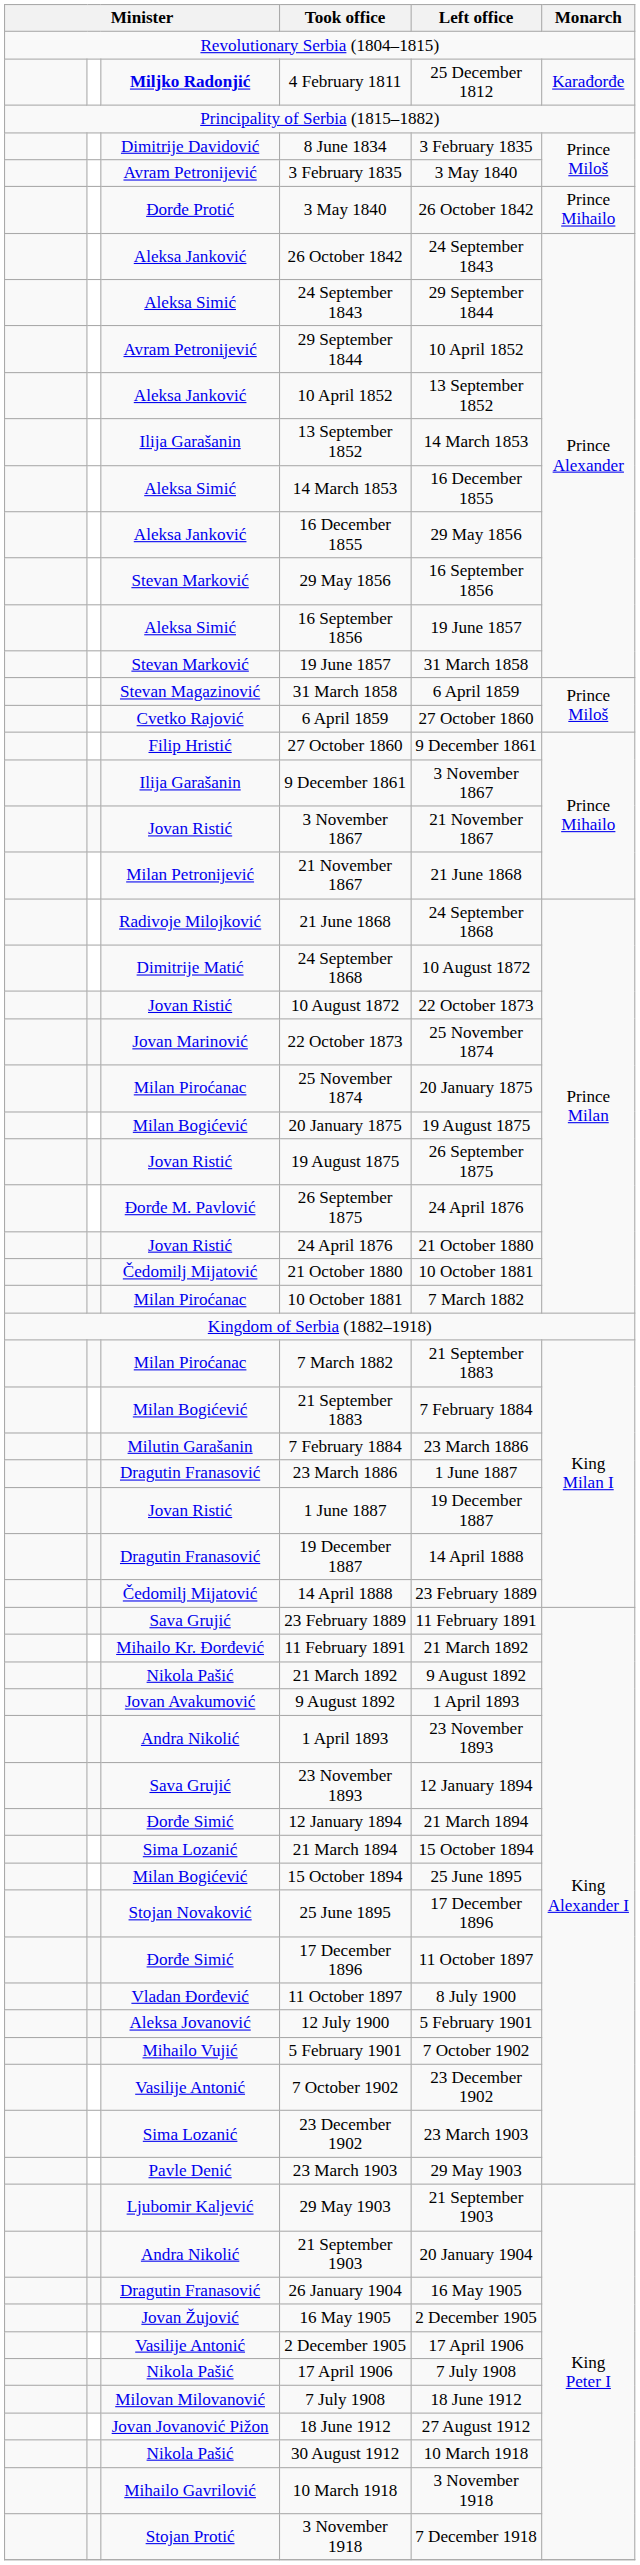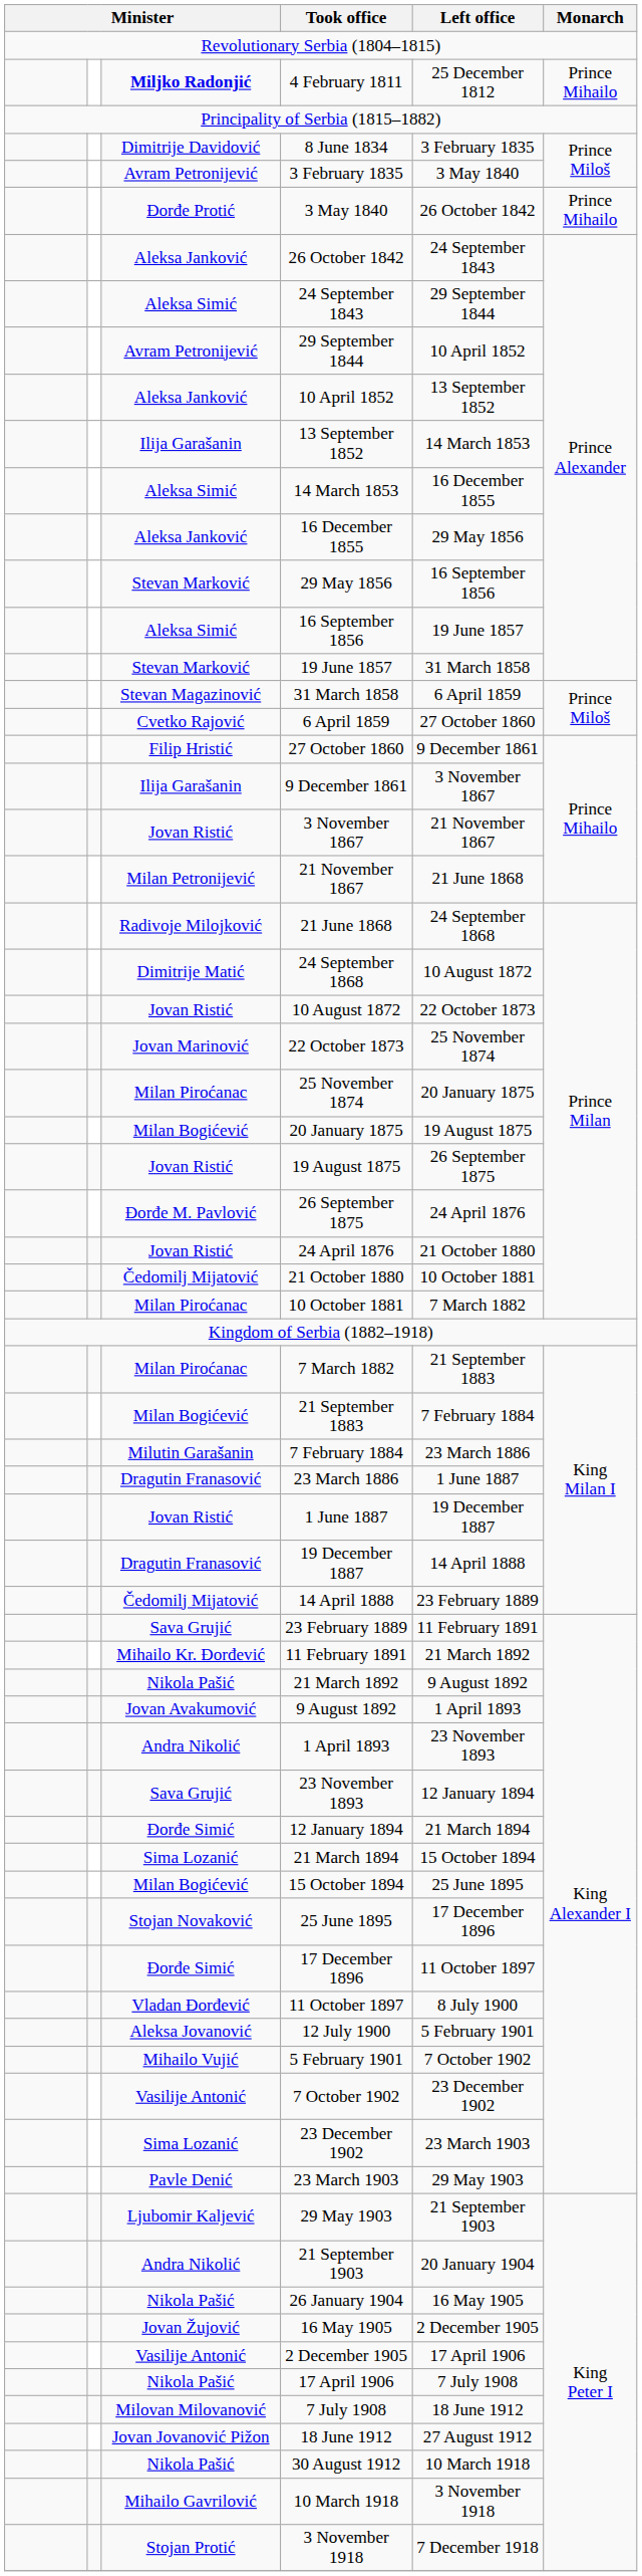 <table class="wikitable" style="text-align:center;">
 <tr>
 <th colspan=3 width="240px">Minister<br></th>
 <th width="115px">Took office</th>
 <th width="115px">Left office</th>
 <th width="80px">Monarch</th>
 </tr>
 <tr>
 <td colspan="9"><a href='#'>Revolutionary Serbia</a> (1804–1815)</td>
 </tr>
 <tr>
 <td width="70px"></td>
 <td width="5px" style="background: #FFFFFF;"> </td>
 <td width="160px"><strong><a href='#'>Miljko Radonjić</a><br></strong></td>
 <td>4 February 1811</td>
 <td>25 December 1812</td>
-<td><a href='#'>Karađorđe</a></td>
+<td>Prince<br><a href='#'>Mihailo</a></td>
 </tr>
 <tr>
 <td colspan="9"><a href='#'>Principality of Serbia</a> (1815–1882)</td>
 </tr>
 <tr>
 <td width="70px"></td>
 <td width="5px" style="background: #FFFFFF;"> </td>
 <td width="160px"><a href='#'>Dimitrije Davidović</a><br></td>
 <td>8 June 1834</td>
 <td>3 February 1835</td>
 <td rowspan="2">Prince<br><a href='#'>Miloš</a></td>
 </tr>
 <tr>
 <td width="70px"></td>
 <td width="5px" style="background: #FFFFFF;"> </td>
 <td width="160px"><a href='#'>Avram Petronijević</a><br></td>
 <td>3 February 1835</td>
 <td>3 May 1840</td>
 </tr>
 <tr>
 <td width="70px"></td>
 <td width="5px" style="background: #FFFFFF;"> </td>
 <td width="160px"><a href='#'>Đorđe Protić</a><br></td>
 <td>3 May 1840</td>
 <td>26 October 1842</td>
 <td>Prince<br><a href='#'>Mihailo</a></td>
 </tr>
 <tr>
 <td width="70px"></td>
 <td width="5px" style="background: #FFFFFF;"> </td>
 <td width="160px"><a href='#'>Aleksa Janković</a><br></td>
 <td>26 October 1842</td>
 <td>24 September 1843</td>
 <td rowspan="10">Prince<br><a href='#'>Alexander</a></td>
 </tr>
 <tr>
 <td width="70px"></td>
 <td width="5px" style="background: #FFFFFF;"> </td>
 <td width="160px"><a href='#'>Aleksa Simić</a><br></td>
 <td>24 September 1843</td>
 <td>29 September 1844</td>
 </tr>
 <tr>
 <td width="70px"></td>
 <td width="5px" style="background: #FFFFFF;"> </td>
 <td width="160px"><a href='#'>Avram Petronijević</a><br></td>
 <td>29 September 1844</td>
 <td>10 April 1852</td>
 </tr>
 <tr>
 <td width="70px"></td>
 <td width="5px" style="background: #FFFFFF;"> </td>
 <td width="160px"><a href='#'>Aleksa Janković</a><br></td>
 <td>10 April 1852</td>
 <td>13 September 1852</td>
 </tr>
 <tr>
 <td width="70px"></td>
 <td width="5px" style="background: #FFFFFF;"> </td>
 <td width="160px"><a href='#'>Ilija Garašanin</a><br></td>
 <td>13 September 1852</td>
 <td>14 March 1853</td>
 </tr>
 <tr>
 <td width="70px"></td>
 <td width="5px" style="background: #FFFFFF;"> </td>
 <td width="160px"><a href='#'>Aleksa Simić</a><br></td>
 <td>14 March 1853</td>
 <td>16 December 1855</td>
 </tr>
 <tr>
 <td width="70px"></td>
 <td width="5px" style="background: #FFFFFF;"> </td>
 <td width="160px"><a href='#'>Aleksa Janković</a><br></td>
 <td>16 December 1855</td>
 <td>29 May 1856</td>
 </tr>
 <tr>
 <td width="70px"></td>
 <td width="5px" style="background: #FFFFFF;"> </td>
 <td width="160px"><a href='#'>Stevan Marković</a><br></td>
 <td>29 May 1856</td>
 <td>16 September 1856</td>
 </tr>
 <tr>
 <td width="70px"></td>
 <td width="5px" style="background: #FFFFFF;"> </td>
 <td width="160px"><a href='#'>Aleksa Simić</a><br></td>
 <td>16 September 1856</td>
 <td>19 June 1857</td>
 </tr>
 <tr>
 <td width="70px"></td>
 <td width="5px" style="background: #FFFFFF;"> </td>
 <td width="160px"><a href='#'>Stevan Marković</a><br></td>
 <td>19 June 1857</td>
 <td>31 March 1858</td>
 </tr>
 <tr>
 <td width="70px"></td>
 <td width="5px" style="background: #FFFFFF;"> </td>
 <td width="160px"><a href='#'>Stevan Magazinović</a><br></td>
 <td>31 March 1858</td>
 <td>6 April 1859</td>
 <td rowspan="2">Prince<br><a href='#'>Miloš</a></td>
 </tr>
 <tr>
 <td width="70px"></td>
 <td width="5px" style="background: #FFFFFF;"> </td>
 <td width="160px"><a href='#'>Cvetko Rajović</a><br></td>
 <td>6 April 1859</td>
 <td>27 October 1860</td>
 </tr>
 <tr>
 <td width="70px"></td>
 <td width="5px" style="background: #FFFFFF;"> </td>
 <td width="160px"><a href='#'>Filip Hristić</a><br></td>
 <td>27 October 1860</td>
 <td>9 December 1861</td>
 <td rowspan="4">Prince<br><a href='#'>Mihailo</a></td>
 </tr>
 <tr>
 <td width="70px"></td>
 <td width="5px" style="background: "> </td>
 <td width="160px"><a href='#'>Ilija Garašanin</a><br></td>
 <td>9 December 1861</td>
 <td>3 November 1867</td>
 </tr>
 <tr>
 <td width="70px"></td>
 <td width="5px" style="background: "> </td>
 <td width="160px"><a href='#'>Jovan Ristić</a><br></td>
 <td>3 November 1867</td>
 <td>21 November 1867</td>
 </tr>
 <tr>
 <td width="70px"></td>
 <td width="5px" style="background: #FFFFFF;"> </td>
 <td width="160px"><a href='#'>Milan Petronijević</a><br></td>
 <td>21 November 1867</td>
 <td>21 June 1868</td>
 </tr>
 <tr>
 <td width="70px"></td>
 <td width="5px" style="background: #FFFFFF;"> </td>
 <td width="160px"><a href='#'>Radivoje Milojković</a><br></td>
 <td>21 June 1868</td>
 <td>24 September 1868</td>
 <td rowspan="11">Prince<br><a href='#'>Milan</a></td>
 </tr>
 <tr>
 <td width="70px"></td>
 <td width="5px" style="background: #FFFFFF;"> </td>
 <td width="160px"><a href='#'>Dimitrije Matić</a><br></td>
 <td>24 September 1868</td>
 <td>10 August 1872</td>
 </tr>
 <tr>
 <td width="70px"></td>
 <td width="5px" style="background: "> </td>
 <td width="160px"><a href='#'>Jovan Ristić</a><br></td>
 <td>10 August 1872</td>
 <td>22 October 1873</td>
 </tr>
 <tr>
 <td width="70px"></td>
 <td width="5px" style="background: "> </td>
 <td width="160px"><a href='#'>Jovan Marinović</a><br></td>
 <td>22 October 1873</td>
 <td>25 November 1874</td>
 </tr>
 <tr>
 <td width="70px"></td>
 <td width="5px" style="background: "> </td>
 <td width="160px"><a href='#'>Milan Piroćanac</a><br></td>
 <td>25 November 1874</td>
 <td>20 January 1875</td>
 </tr>
 <tr>
 <td width="70px"></td>
 <td width="5px" style="background: #FFFFFF;"> </td>
 <td width="160px"><a href='#'>Milan Bogićević</a><br></td>
 <td>20 January 1875</td>
 <td>19 August 1875</td>
 </tr>
 <tr>
 <td width="70px"></td>
 <td width="5px" style="background: "> </td>
 <td width="160px"><a href='#'>Jovan Ristić</a><br></td>
 <td>19 August 1875</td>
 <td>26 September 1875</td>
 </tr>
 <tr>
 <td width="70px"></td>
 <td width="5px" style="background: #FFFFFF;"> </td>
 <td width="160px"><a href='#'>Đorđe M. Pavlović</a><br></td>
 <td>26 September 1875</td>
 <td>24 April 1876</td>
 </tr>
 <tr>
 <td width="70px"></td>
 <td width="5px" style="background: "> </td>
 <td width="160px"><a href='#'>Jovan Ristić</a><br></td>
 <td>24 April 1876</td>
 <td>21 October 1880</td>
 </tr>
 <tr>
 <td width="70px"></td>
 <td width="5px" style="background: "> </td>
 <td width="160px"><a href='#'>Čedomilj Mijatović</a><br></td>
 <td>21 October 1880</td>
 <td>10 October 1881</td>
 </tr>
 <tr>
 <td width="70px"></td>
 <td width="5px" style="background: "> </td>
 <td width="160px"><a href='#'>Milan Piroćanac</a><br></td>
 <td>10 October 1881</td>
 <td>7 March 1882</td>
 </tr>
 <tr>
 <td colspan="9"><a href='#'>Kingdom of Serbia</a> (1882–1918)</td>
 </tr>
 <tr>
 <td width="70px"></td>
 <td width="5px" style="background: "> </td>
 <td width="160px"><a href='#'>Milan Piroćanac</a><br></td>
 <td>7 March 1882</td>
 <td>21 September 1883</td>
 <td rowspan="7">King<br><a href='#'>Milan I</a></td>
 </tr>
 <tr>
 <td width="70px"></td>
 <td width="5px" style="background: #FFFFFF;"> </td>
 <td width="160px"><a href='#'>Milan Bogićević</a><br></td>
 <td>21 September 1883</td>
 <td>7 February 1884</td>
 </tr>
 <tr>
 <td width="70px"></td>
 <td width="5px" style="background: "> </td>
 <td width="160px"><a href='#'>Milutin Garašanin</a><br></td>
 <td>7 February 1884</td>
 <td>23 March 1886</td>
 </tr>
 <tr>
 <td width="70px"></td>
 <td width="5px" style="background: "> </td>
 <td width="160px"><a href='#'>Dragutin Franasović</a><br></td>
 <td>23 March 1886</td>
 <td>1 June 1887</td>
 </tr>
 <tr>
 <td width="70px"></td>
 <td width="5px" style="background: "> </td>
 <td width="160px"><a href='#'>Jovan Ristić</a><br></td>
 <td>1 June 1887</td>
 <td>19 December 1887</td>
 </tr>
 <tr>
 <td width="70px"></td>
 <td width="5px" style="background: "> </td>
 <td width="160px"><a href='#'>Dragutin Franasović</a><br></td>
 <td>19 December 1887</td>
 <td>14 April 1888</td>
 </tr>
 <tr>
 <td width="70px"></td>
 <td width="5px" style="background: "> </td>
 <td width="160px"><a href='#'>Čedomilj Mijatović</a><br></td>
 <td>14 April 1888</td>
 <td>23 February 1889</td>
 </tr>
 <tr>
 <td width="70px"></td>
 <td width="5px" style="background: "> </td>
 <td width="160px"><a href='#'>Sava Grujić</a><br></td>
 <td>23 February 1889</td>
 <td>11 February 1891</td>
 <td rowspan="17">King<br><a href='#'>Alexander I</a></td>
 </tr>
 <tr>
 <td width="70px"></td>
 <td width="5px" style="background: #FFFFFF;"> </td>
 <td width="160px"><a href='#'>Mihailo Kr. Đorđević</a><br></td>
 <td>11 February 1891</td>
 <td>21 March 1892</td>
 </tr>
 <tr>
 <td width="70px"></td>
 <td width="5px" style="background: "> </td>
 <td width="160px"><a href='#'>Nikola Pašić</a><br></td>
 <td>21 March 1892</td>
 <td>9 August 1892</td>
 </tr>
 <tr>
 <td width="70px"></td>
 <td width="5px" style="background: "> </td>
 <td width="160px"><a href='#'>Jovan Avakumović</a><br></td>
 <td>9 August 1892</td>
 <td>1 April 1893</td>
 </tr>
 <tr>
 <td width="70px"></td>
 <td width="5px" style="background: "> </td>
 <td width="160px"><a href='#'>Andra Nikolić</a><br></td>
 <td>1 April 1893</td>
 <td>23 November 1893</td>
 </tr>
 <tr>
 <td width="70px"></td>
 <td width="5px" style="background: "> </td>
 <td width="160px"><a href='#'>Sava Grujić</a><br></td>
 <td>23 November 1893</td>
 <td>12 January 1894</td>
 </tr>
 <tr>
 <td width="70px"></td>
 <td width="5px" style="background: "> </td>
 <td width="160px"><a href='#'>Đorđe Simić</a><br></td>
 <td>12 January 1894</td>
 <td>21 March 1894</td>
 </tr>
 <tr>
 <td width="70px"></td>
 <td width="5px" style="background: #FFFFFF;"> </td>
 <td width="160px"><a href='#'>Sima Lozanić</a><br></td>
 <td>21 March 1894</td>
 <td>15 October 1894</td>
 </tr>
 <tr>
 <td width="70px"></td>
 <td width="5px" style="background: #FFFFFF;"> </td>
 <td width="160px"><a href='#'>Milan Bogićević</a><br></td>
 <td>15 October 1894</td>
 <td>25 June 1895</td>
 </tr>
 <tr>
 <td width="70px"></td>
 <td width="5px" style="background: "> </td>
 <td width="160px"><a href='#'>Stojan Novaković</a><br></td>
 <td>25 June 1895</td>
 <td>17 December 1896</td>
 </tr>
 <tr>
 <td width="70px"></td>
 <td width="5px" style="background: "> </td>
 <td width="160px"><a href='#'>Đorđe Simić</a><br></td>
 <td>17 December 1896</td>
 <td>11 October 1897</td>
 </tr>
 <tr>
 <td width="70px"></td>
 <td width="5px" style="background: "> </td>
 <td width="160px"><a href='#'>Vladan Đorđević</a><br></td>
 <td>11 October 1897</td>
 <td>8 July 1900</td>
 </tr>
 <tr>
 <td width="70px"></td>
 <td width="5px" style="background: "> </td>
 <td width="160px"><a href='#'>Aleksa Jovanović</a><br></td>
 <td>12 July 1900</td>
 <td>5 February 1901</td>
 </tr>
 <tr>
 <td width="70px"></td>
 <td width="5px" style="background: "> </td>
 <td width="160px"><a href='#'>Mihailo Vujić</a><br></td>
 <td>5 February 1901</td>
 <td>7 October 1902</td>
 </tr>
 <tr>
 <td width="70px"></td>
 <td width="5px" style="background: #FFFFFF;"> </td>
 <td width="160px"><a href='#'>Vasilije Antonić</a><br></td>
 <td>7 October 1902</td>
 <td>23 December 1902</td>
 </tr>
 <tr>
 <td width="70px"></td>
 <td width="5px" style="background: #FFFFFF;"> </td>
 <td width="160px"><a href='#'>Sima Lozanić</a><br></td>
 <td>23 December 1902</td>
 <td>23 March 1903</td>
 </tr>
 <tr>
 <td width="70px"></td>
 <td width="5px" style="background: #FFFFFF;"> </td>
 <td width="160px"><a href='#'>Pavle Denić</a><br></td>
 <td>23 March 1903</td>
 <td>29 May 1903</td>
 </tr>
 <tr>
 <td width="70px"></td>
 <td width="5px" style="background: "> </td>
 <td width="160px"><a href='#'>Ljubomir Kaljević</a><br></td>
 <td>29 May 1903</td>
 <td>21 September 1903</td>
 <td rowspan="11">King<br><a href='#'>Peter I</a></td>
 </tr>
 <tr>
 <td width="70px"></td>
 <td width="5px" style="background: "> </td>
 <td width="160px"><a href='#'>Andra Nikolić</a><br></td>
 <td>21 September 1903</td>
 <td>20 January 1904</td>
 </tr>
 <tr>
 <td width="70px"></td>
 <td width="5px" style="background: "> </td>
-<td width="160px"><a href='#'>Dragutin Franasović</a><br></td>
+<td width="160px"><a href='#'>Nikola Pašić</a><br></td>
 <td>26 January 1904</td>
 <td>16 May 1905</td>
 </tr>
 <tr>
 <td width="70px"></td>
 <td width="5px" style="background: "> </td>
 <td width="160px"><a href='#'>Jovan Žujović</a><br></td>
 <td>16 May 1905</td>
 <td>2 December 1905</td>
 </tr>
 <tr>
 <td width="70px"></td>
 <td width="5px" style="background: #FFFFFF;"> </td>
 <td width="160px"><a href='#'>Vasilije Antonić</a><br></td>
 <td>2 December 1905</td>
 <td>17 April 1906</td>
 </tr>
 <tr>
 <td width="70px"></td>
 <td width="5px" style="background: "> </td>
 <td width="160px"><a href='#'>Nikola Pašić</a><br></td>
 <td>17 April 1906</td>
 <td>7 July 1908</td>
 </tr>
 <tr>
 <td width="70px"></td>
 <td width="5px" style="background: "> </td>
 <td width="160px"><a href='#'>Milovan Milovanović</a><br></td>
 <td>7 July 1908</td>
 <td>18 June 1912</td>
 </tr>
 <tr>
 <td width="70px"></td>
 <td width="5px" style="background: #FFFFFF;"> </td>
 <td width="160px"><a href='#'>Jovan Jovanović Pižon</a><br></td>
 <td>18 June 1912</td>
 <td>27 August 1912</td>
 </tr>
 <tr>
 <td width="70px"></td>
 <td width="5px" style="background: "> </td>
 <td width="160px"><a href='#'>Nikola Pašić</a><br></td>
 <td>30 August 1912</td>
 <td>10 March 1918</td>
 </tr>
 <tr>
 <td width="70px"></td>
 <td width="5px" style="background: "> </td>
 <td width="160px"><a href='#'>Mihailo Gavrilović</a><br></td>
 <td>10 March 1918</td>
 <td>3 November 1918</td>
 </tr>
 <tr>
 <td width="70px"></td>
 <td width="5px" style="background: "> </td>
 <td width="160px"><a href='#'>Stojan Protić</a><br></td>
 <td>3 November 1918</td>
 <td>7 December 1918</td>
 </tr>
 <tr>
 </tr>
 </table>
